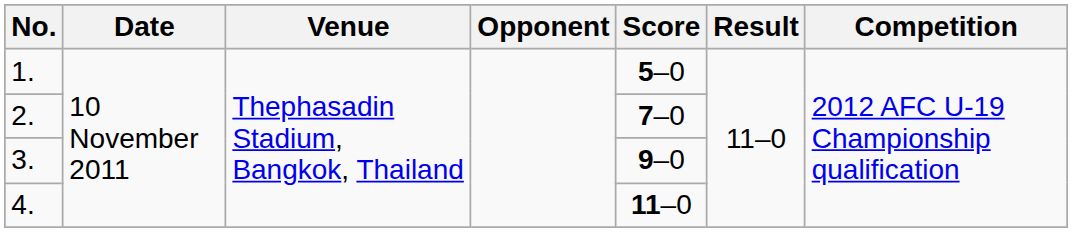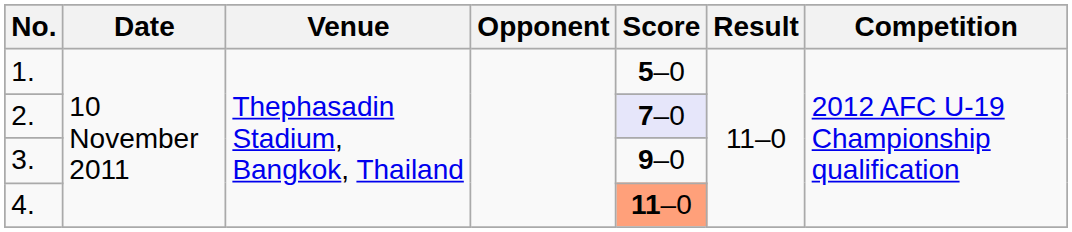 <table class="wikitable">
 <tr>
 <th>No.</th>
 <th>Date</th>
 <th>Venue</th>
 <th>Opponent</th>
 <th>Score</th>
 <th>Result</th>
 <th>Competition</th>
 </tr>
 <tr>
 <td>1.</td>
 <td rowspan=4>10 November 2011</td>
 <td rowspan=4><a href='#'>Thephasadin Stadium</a>, <a href='#'>Bangkok</a>, <a href='#'>Thailand</a></td>
 <td rowspan=4></td>
 <td align=center><strong>5</strong>–0</td>
 <td rowspan=4 align=center>11–0</td>
 <td rowspan=4><a href='#'>2012 AFC U-19 Championship qualification</a></td>
 </tr>
 <tr>
 <td>2.</td>
-<td align=center><strong>7</strong>–0</td>
+<td align=center style="background: lavender;"><strong>7</strong>–0</td>
 </tr>
 <tr>
 <td>3.</td>
 <td align=center><strong>9</strong>–0</td>
 </tr>
 <tr>
 <td>4.</td>
-<td align=center><strong>11</strong>–0</td>
+<td align=center style="background: lightsalmon;"><strong>11</strong>–0</td>
 </tr>
 </table>
